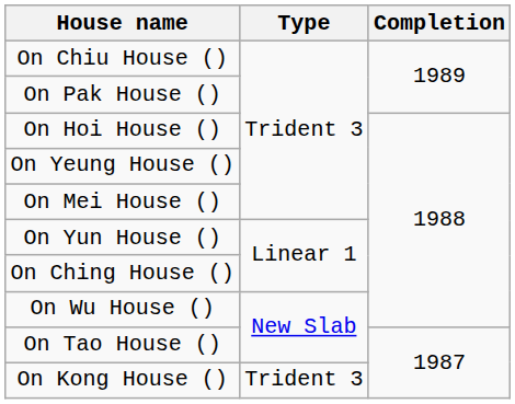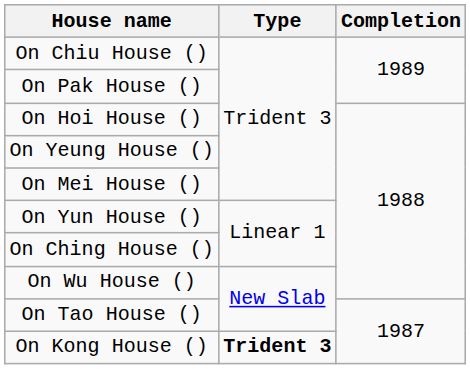 <table class="wikitable" style="text-align: center;">
 <tr>
 <th>House name</th>
 <th>Type</th>
 <th>Completion</th>
 </tr>
 <tr>
 <td>On Chiu House ()</td>
 <td rowspan="5">Trident 3</td>
 <td rowspan="2">1989</td>
 </tr>
 <tr>
 <td>On Pak House ()</td>
 </tr>
 <tr>
 <td>On Hoi House ()</td>
 <td rowspan="6">1988</td>
 </tr>
 <tr>
 <td>On Yeung House ()</td>
 </tr>
 <tr>
 <td>On Mei House ()</td>
 </tr>
 <tr>
 <td>On Yun House ()</td>
 <td rowspan="2">Linear 1</td>
 </tr>
 <tr>
 <td>On Ching House ()</td>
 </tr>
 <tr>
 <td>On Wu House ()</td>
 <td rowspan="2"><a href='#'>New Slab</a></td>
 </tr>
 <tr>
 <td>On Tao House ()</td>
 <td rowspan="2">1987</td>
 </tr>
 <tr>
 <td>On Kong House ()</td>
-<td>Trident 3</td>
+<td><strong>Trident 3</strong></td>
 </tr>
 </table>
